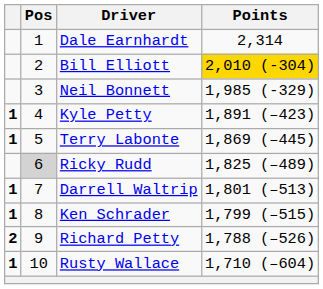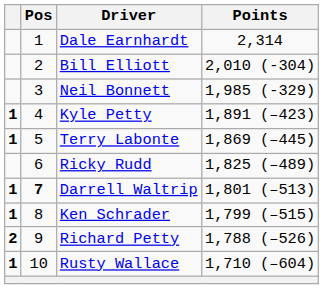 <table class="wikitable" style="font-size: 95%;">
 <tr>
 <th></th>
 <th>Pos</th>
 <th>Driver</th>
 <th>Points</th>
 </tr>
 <tr>
 <td align="left"></td>
 <td style="text-align:center;">1</td>
 <td><a href='#'>Dale Earnhardt</a></td>
 <td style="text-align:center;">2,314</td>
 </tr>
 <tr>
 <td align="left"></td>
 <td style="text-align:center;">2</td>
 <td><a href='#'>Bill Elliott</a></td>
-<td style="background: gold; text-align:center;">2,010 (-304)</td>
+<td style="text-align:center;">2,010 (-304)</td>
 </tr>
 <tr>
 <td align="left"></td>
 <td style="text-align:center;">3</td>
 <td><a href='#'>Neil Bonnett</a></td>
 <td style="text-align:center;">1,985 (-329)</td>
 </tr>
 <tr>
 <td align="left">  <strong>1</strong></td>
 <td style="text-align:center;">4</td>
 <td><a href='#'>Kyle Petty</a></td>
 <td style="text-align:center;">1,891 (–423)</td>
 </tr>
 <tr>
 <td align="left">  <strong>1</strong></td>
 <td style="text-align:center;">5</td>
 <td><a href='#'>Terry Labonte</a></td>
 <td style="text-align:center;">1,869 (–445)</td>
 </tr>
 <tr>
 <td align="left"></td>
-<td style="background: lightgrey; text-align:center;">6</td>
+<td style="text-align:center;">6</td>
 <td><a href='#'>Ricky Rudd</a></td>
 <td style="text-align:center;">1,825 (–489)</td>
 </tr>
 <tr>
 <td align="left">  <strong>1</strong></td>
-<td style="text-align:center;">7</td>
+<td style="text-align:center;"><strong>7</strong></td>
 <td><a href='#'>Darrell Waltrip</a></td>
 <td style="text-align:center;">1,801 (–513)</td>
 </tr>
 <tr>
 <td align="left">  <strong>1</strong></td>
 <td style="text-align:center;">8</td>
 <td><a href='#'>Ken Schrader</a></td>
 <td style="text-align:center;">1,799 (–515)</td>
 </tr>
 <tr>
 <td align="left">  <strong>2</strong></td>
 <td style="text-align:center;">9</td>
 <td><a href='#'>Richard Petty</a></td>
 <td style="text-align:center;">1,788 (–526)</td>
 </tr>
 <tr>
 <td align="left">  <strong>1</strong></td>
 <td style="text-align:center;">10</td>
 <td><a href='#'>Rusty Wallace</a></td>
 <td style="text-align:center;">1,710 (–604)</td>
 </tr>
 <tr class="sortbottom">
 <th colspan="9"></th>
 </tr>
 </table>
